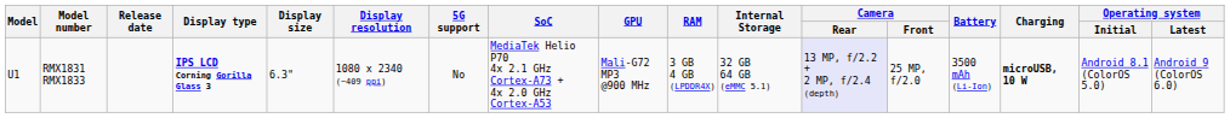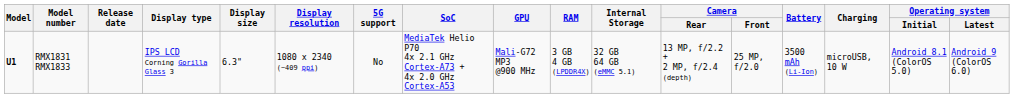 <table class="wikitable sortable mw-collapsible">
 <tr>
 <th rowspan="2">Model</th>
 <th rowspan="2">Model number</th>
 <th rowspan="2">Release date</th>
 <th rowspan="2">Display type</th>
 <th rowspan="2">Display size</th>
 <th rowspan="2"><a href='#'>Display resolution</a></th>
 <th rowspan="2"><a href='#'>5G</a> support</th>
 <th rowspan="2"><a href='#'>SoC</a></th>
 <th rowspan="2"><a href='#'>GPU</a></th>
 <th rowspan="2"><a href='#'>RAM</a></th>
 <th rowspan="2">Internal Storage</th>
 <th colspan="2"><a href='#'>Camera</a></th>
 <th rowspan="2"><a href='#'>Battery</a></th>
 <th rowspan="2">Charging</th>
 <th colspan="2"><a href='#'>Operating system</a></th>
 </tr>
 <tr>
 <th>Rear</th>
 <th>Front</th>
 <th>Initial</th>
 <th>Latest</th>
 </tr>
 <tr>
-<td>U1</td>
+<td><strong>U1</strong></td>
 <td>RMX1831<br>RMX1833</td>
 <td></td>
-<td><strong><a href='#'>IPS LCD</a><br><small>Corning <a href='#'>Gorilla Glass</a> 3</small></strong></td>
+<td><a href='#'>IPS LCD</a><br><small>Corning <a href='#'>Gorilla Glass</a> 3</small></td>
 <td>6.3"</td>
 <td>1080 x 2340<br><small>(~409 <a href='#'>ppi</a>)</small></td>
 <td style="text-align:center;">No</td>
 <td><a href='#'>MediaTek</a> Helio P70<br>4x 2.1 GHz <a href='#'>Cortex-A73</a> +<br>4x 2.0 GHz <a href='#'>Cortex-A53</a></td>
 <td><a href='#'>Mali</a>-G72 MP3<br>@900 MHz</td>
 <td>3 GB<br>4 GB<br><small>(<a href='#'>LPDDR4X</a>)</small></td>
 <td>32 GB<br>64 GB<br><small>(<a href='#'>eMMC</a> 5.1)</small></td>
-<td style="background: lavender;">13 MP, f/2.2 +<br>2 MP, f/2.4 <small>(depth)</small></td>
+<td>13 MP, f/2.2 +<br>2 MP, f/2.4 <small>(depth)</small></td>
 <td>25 MP, f/2.0</td>
 <td>3500 <a href='#'>mAh</a><br><small>(<a href='#'>Li-Ion</a>)</small></td>
-<td><strong>microUSB, 10 W</strong></td>
+<td>microUSB, 10 W</td>
 <td><a href='#'>Android 8.1</a><br>(ColorOS 5.0)</td>
 <td><a href='#'>Android 9</a><br>(ColorOS 6.0)</td>
 </tr>
 </table>
